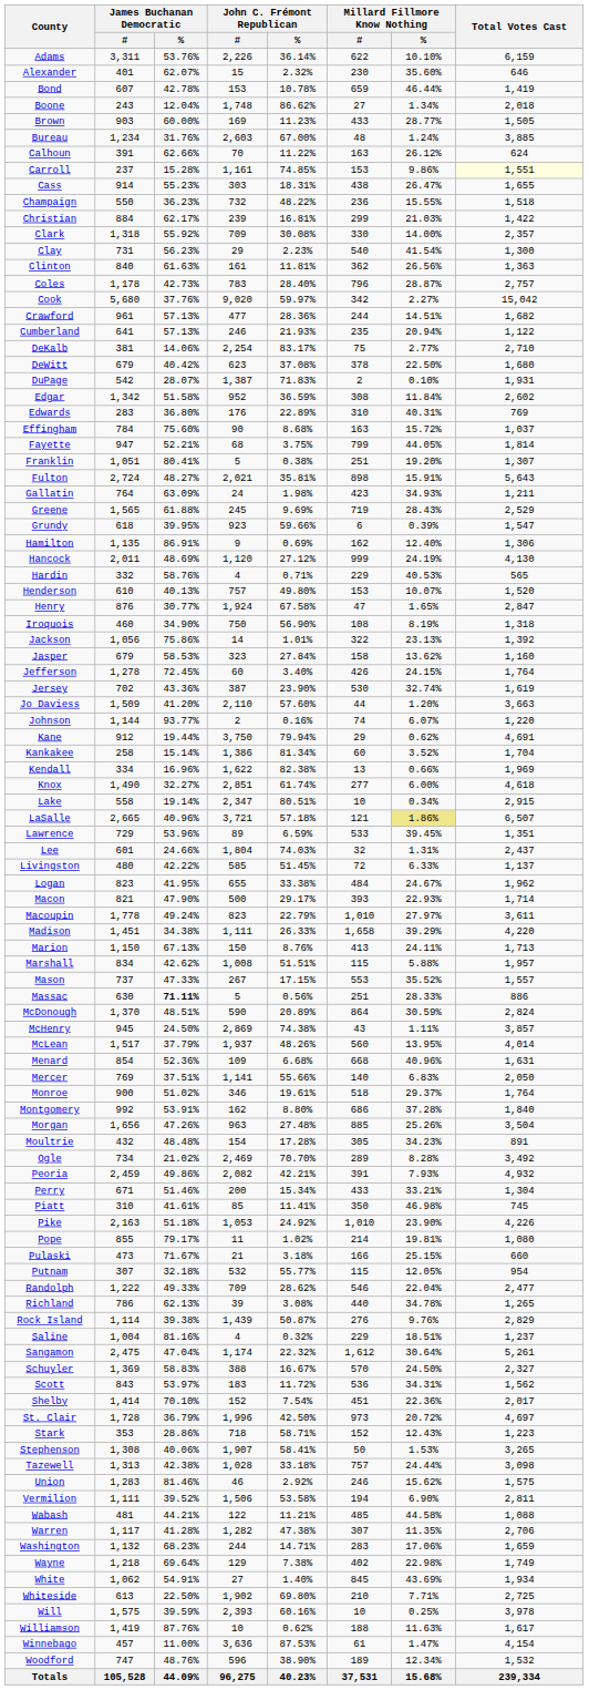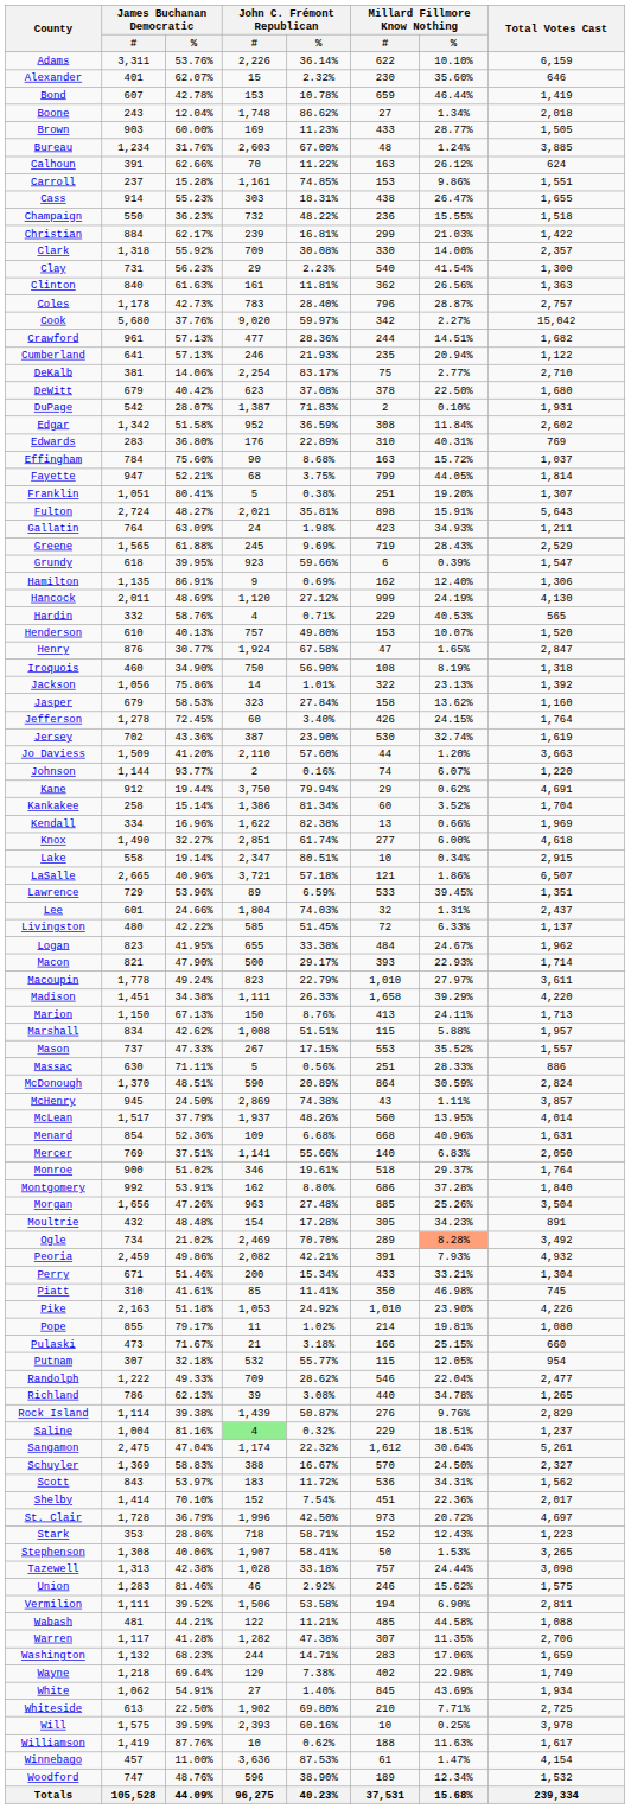 <table class="wikitable sortable" width="60%">
 <tr>
 <th rowspan="2">County</th>
 <th colspan="2">James Buchanan<br>Democratic</th>
 <th colspan="2">John C. Frémont<br>Republican</th>
 <th colspan="2">Millard Fillmore<br>Know Nothing</th>
 <th rowspan="2">Total Votes Cast</th>
 </tr>
 <tr>
 <th data-sort-type="number" style="text-align:center;">#</th>
 <th data-sort-type="number" style="text-align:center;">%</th>
 <th data-sort-type="number" style="text-align:center;">#</th>
 <th data-sort-type="number" style="text-align:center;">%</th>
 <th data-sort-type="number" style="text-align:center;">#</th>
 <th data-sort-type="number" style="text-align:center;">%</th>
 </tr>
 <tr style="text-align:center;">
 <td><a href='#'>Adams</a></td>
 <td>3,311</td>
 <td>53.76%</td>
 <td>2,226</td>
 <td>36.14%</td>
 <td>622</td>
 <td>10.10%</td>
 <td>6,159</td>
 </tr>
 <tr style="text-align:center;">
 <td><a href='#'>Alexander</a></td>
 <td>401</td>
 <td>62.07%</td>
 <td>15</td>
 <td>2.32%</td>
 <td>230</td>
 <td>35.60%</td>
 <td>646</td>
 </tr>
 <tr style="text-align:center;">
 <td><a href='#'>Bond</a></td>
 <td>607</td>
 <td>42.78%</td>
 <td>153</td>
 <td>10.78%</td>
 <td>659</td>
 <td>46.44%</td>
 <td>1,419</td>
 </tr>
 <tr style="text-align:center;">
 <td><a href='#'>Boone</a></td>
 <td>243</td>
 <td>12.04%</td>
 <td>1,748</td>
 <td>86.62%</td>
 <td>27</td>
 <td>1.34%</td>
 <td>2,018</td>
 </tr>
 <tr style="text-align:center;">
 <td><a href='#'>Brown</a></td>
 <td>903</td>
 <td>60.00%</td>
 <td>169</td>
 <td>11.23%</td>
 <td>433</td>
 <td>28.77%</td>
 <td>1,505</td>
 </tr>
 <tr style="text-align:center;">
 <td><a href='#'>Bureau</a></td>
 <td>1,234</td>
 <td>31.76%</td>
 <td>2,603</td>
 <td>67.00%</td>
 <td>48</td>
 <td>1.24%</td>
 <td>3,885</td>
 </tr>
 <tr style="text-align:center;">
 <td><a href='#'>Calhoun</a></td>
 <td>391</td>
 <td>62.66%</td>
 <td>70</td>
 <td>11.22%</td>
 <td>163</td>
 <td>26.12%</td>
 <td>624</td>
 </tr>
 <tr style="text-align:center;">
 <td><a href='#'>Carroll</a></td>
 <td>237</td>
 <td>15.28%</td>
 <td>1,161</td>
 <td>74.85%</td>
 <td>153</td>
 <td>9.86%</td>
-<td style="background: lightyellow;">1,551</td>
+<td>1,551</td>
 </tr>
 <tr style="text-align:center;">
 <td><a href='#'>Cass</a></td>
 <td>914</td>
 <td>55.23%</td>
 <td>303</td>
 <td>18.31%</td>
 <td>438</td>
 <td>26.47%</td>
 <td>1,655</td>
 </tr>
 <tr style="text-align:center;">
 <td><a href='#'>Champaign</a></td>
 <td>550</td>
 <td>36.23%</td>
 <td>732</td>
 <td>48.22%</td>
 <td>236</td>
 <td>15.55%</td>
 <td>1,518</td>
 </tr>
 <tr style="text-align:center;">
 <td><a href='#'>Christian</a></td>
 <td>884</td>
 <td>62.17%</td>
 <td>239</td>
 <td>16.81%</td>
 <td>299</td>
 <td>21.03%</td>
 <td>1,422</td>
 </tr>
 <tr style="text-align:center;">
 <td><a href='#'>Clark</a></td>
 <td>1,318</td>
 <td>55.92%</td>
 <td>709</td>
 <td>30.08%</td>
 <td>330</td>
 <td>14.00%</td>
 <td>2,357</td>
 </tr>
 <tr style="text-align:center;">
 <td><a href='#'>Clay</a></td>
 <td>731</td>
 <td>56.23%</td>
 <td>29</td>
 <td>2.23%</td>
 <td>540</td>
 <td>41.54%</td>
 <td>1,300</td>
 </tr>
 <tr style="text-align:center;">
 <td><a href='#'>Clinton</a></td>
 <td>840</td>
 <td>61.63%</td>
 <td>161</td>
 <td>11.81%</td>
 <td>362</td>
 <td>26.56%</td>
 <td>1,363</td>
 </tr>
 <tr style="text-align:center;">
 <td><a href='#'>Coles</a></td>
 <td>1,178</td>
 <td>42.73%</td>
 <td>783</td>
 <td>28.40%</td>
 <td>796</td>
 <td>28.87%</td>
 <td>2,757</td>
 </tr>
 <tr style="text-align:center;">
 <td><a href='#'>Cook</a></td>
 <td>5,680</td>
 <td>37.76%</td>
 <td>9,020</td>
 <td>59.97%</td>
 <td>342</td>
 <td>2.27%</td>
 <td>15,042</td>
 </tr>
 <tr style="text-align:center;">
 <td><a href='#'>Crawford</a></td>
 <td>961</td>
 <td>57.13%</td>
 <td>477</td>
 <td>28.36%</td>
 <td>244</td>
 <td>14.51%</td>
 <td>1,682</td>
 </tr>
 <tr style="text-align:center;">
 <td><a href='#'>Cumberland</a></td>
 <td>641</td>
 <td>57.13%</td>
 <td>246</td>
 <td>21.93%</td>
 <td>235</td>
 <td>20.94%</td>
 <td>1,122</td>
 </tr>
 <tr style="text-align:center;">
 <td><a href='#'>DeKalb</a></td>
 <td>381</td>
 <td>14.06%</td>
 <td>2,254</td>
 <td>83.17%</td>
 <td>75</td>
 <td>2.77%</td>
 <td>2,710</td>
 </tr>
 <tr style="text-align:center;">
 <td><a href='#'>DeWitt</a></td>
 <td>679</td>
 <td>40.42%</td>
 <td>623</td>
 <td>37.08%</td>
 <td>378</td>
 <td>22.50%</td>
 <td>1,680</td>
 </tr>
 <tr style="text-align:center;">
 <td><a href='#'>DuPage</a></td>
 <td>542</td>
 <td>28.07%</td>
 <td>1,387</td>
 <td>71.83%</td>
 <td>2</td>
 <td>0.10%</td>
 <td>1,931</td>
 </tr>
 <tr style="text-align:center;">
 <td><a href='#'>Edgar</a></td>
 <td>1,342</td>
 <td>51.58%</td>
 <td>952</td>
 <td>36.59%</td>
 <td>308</td>
 <td>11.84%</td>
 <td>2,602</td>
 </tr>
 <tr style="text-align:center;">
 <td><a href='#'>Edwards</a></td>
 <td>283</td>
 <td>36.80%</td>
 <td>176</td>
 <td>22.89%</td>
 <td>310</td>
 <td>40.31%</td>
 <td>769</td>
 </tr>
 <tr style="text-align:center;">
 <td><a href='#'>Effingham</a></td>
 <td>784</td>
 <td>75.60%</td>
 <td>90</td>
 <td>8.68%</td>
 <td>163</td>
 <td>15.72%</td>
 <td>1,037</td>
 </tr>
 <tr style="text-align:center;">
 <td><a href='#'>Fayette</a></td>
 <td>947</td>
 <td>52.21%</td>
 <td>68</td>
 <td>3.75%</td>
 <td>799</td>
 <td>44.05%</td>
 <td>1,814</td>
 </tr>
 <tr style="text-align:center;">
 <td><a href='#'>Franklin</a></td>
 <td>1,051</td>
 <td>80.41%</td>
 <td>5</td>
 <td>0.38%</td>
 <td>251</td>
 <td>19.20%</td>
 <td>1,307</td>
 </tr>
 <tr style="text-align:center;">
 <td><a href='#'>Fulton</a></td>
 <td>2,724</td>
 <td>48.27%</td>
 <td>2,021</td>
 <td>35.81%</td>
 <td>898</td>
 <td>15.91%</td>
 <td>5,643</td>
 </tr>
 <tr style="text-align:center;">
 <td><a href='#'>Gallatin</a></td>
 <td>764</td>
 <td>63.09%</td>
 <td>24</td>
 <td>1.98%</td>
 <td>423</td>
 <td>34.93%</td>
 <td>1,211</td>
 </tr>
 <tr style="text-align:center;">
 <td><a href='#'>Greene</a></td>
 <td>1,565</td>
 <td>61.88%</td>
 <td>245</td>
 <td>9.69%</td>
 <td>719</td>
 <td>28.43%</td>
 <td>2,529</td>
 </tr>
 <tr style="text-align:center;">
 <td><a href='#'>Grundy</a></td>
 <td>618</td>
 <td>39.95%</td>
 <td>923</td>
 <td>59.66%</td>
 <td>6</td>
 <td>0.39%</td>
 <td>1,547</td>
 </tr>
 <tr style="text-align:center;">
 <td><a href='#'>Hamilton</a></td>
 <td>1,135</td>
 <td>86.91%</td>
 <td>9</td>
 <td>0.69%</td>
 <td>162</td>
 <td>12.40%</td>
 <td>1,306</td>
 </tr>
 <tr style="text-align:center;">
 <td><a href='#'>Hancock</a></td>
 <td>2,011</td>
 <td>48.69%</td>
 <td>1,120</td>
 <td>27.12%</td>
 <td>999</td>
 <td>24.19%</td>
 <td>4,130</td>
 </tr>
 <tr style="text-align:center;">
 <td><a href='#'>Hardin</a></td>
 <td>332</td>
 <td>58.76%</td>
 <td>4</td>
 <td>0.71%</td>
 <td>229</td>
 <td>40.53%</td>
 <td>565</td>
 </tr>
 <tr style="text-align:center;">
 <td><a href='#'>Henderson</a></td>
 <td>610</td>
 <td>40.13%</td>
 <td>757</td>
 <td>49.80%</td>
 <td>153</td>
 <td>10.07%</td>
 <td>1,520</td>
 </tr>
 <tr style="text-align:center;">
 <td><a href='#'>Henry</a></td>
 <td>876</td>
 <td>30.77%</td>
 <td>1,924</td>
 <td>67.58%</td>
 <td>47</td>
 <td>1.65%</td>
 <td>2,847</td>
 </tr>
 <tr style="text-align:center;">
 <td><a href='#'>Iroquois</a></td>
 <td>460</td>
 <td>34.90%</td>
 <td>750</td>
 <td>56.90%</td>
 <td>108</td>
 <td>8.19%</td>
 <td>1,318</td>
 </tr>
 <tr style="text-align:center;">
 <td><a href='#'>Jackson</a></td>
 <td>1,056</td>
 <td>75.86%</td>
 <td>14</td>
 <td>1.01%</td>
 <td>322</td>
 <td>23.13%</td>
 <td>1,392</td>
 </tr>
 <tr style="text-align:center;">
 <td><a href='#'>Jasper</a></td>
 <td>679</td>
 <td>58.53%</td>
 <td>323</td>
 <td>27.84%</td>
 <td>158</td>
 <td>13.62%</td>
 <td>1,160</td>
 </tr>
 <tr style="text-align:center;">
 <td><a href='#'>Jefferson</a></td>
 <td>1,278</td>
 <td>72.45%</td>
 <td>60</td>
 <td>3.40%</td>
 <td>426</td>
 <td>24.15%</td>
 <td>1,764</td>
 </tr>
 <tr style="text-align:center;">
 <td><a href='#'>Jersey</a></td>
 <td>702</td>
 <td>43.36%</td>
 <td>387</td>
 <td>23.90%</td>
 <td>530</td>
 <td>32.74%</td>
 <td>1,619</td>
 </tr>
 <tr style="text-align:center;">
 <td><a href='#'>Jo Daviess</a></td>
 <td>1,509</td>
 <td>41.20%</td>
 <td>2,110</td>
 <td>57.60%</td>
 <td>44</td>
 <td>1.20%</td>
 <td>3,663</td>
 </tr>
 <tr style="text-align:center;">
 <td><a href='#'>Johnson</a></td>
 <td>1,144</td>
 <td>93.77%</td>
 <td>2</td>
 <td>0.16%</td>
 <td>74</td>
 <td>6.07%</td>
 <td>1,220</td>
 </tr>
 <tr style="text-align:center;">
 <td><a href='#'>Kane</a></td>
 <td>912</td>
 <td>19.44%</td>
 <td>3,750</td>
 <td>79.94%</td>
 <td>29</td>
 <td>0.62%</td>
 <td>4,691</td>
 </tr>
 <tr style="text-align:center;">
 <td><a href='#'>Kankakee</a></td>
 <td>258</td>
 <td>15.14%</td>
 <td>1,386</td>
 <td>81.34%</td>
 <td>60</td>
 <td>3.52%</td>
 <td>1,704</td>
 </tr>
 <tr style="text-align:center;">
 <td><a href='#'>Kendall</a></td>
 <td>334</td>
 <td>16.96%</td>
 <td>1,622</td>
 <td>82.38%</td>
 <td>13</td>
 <td>0.66%</td>
 <td>1,969</td>
 </tr>
 <tr style="text-align:center;">
 <td><a href='#'>Knox</a></td>
 <td>1,490</td>
 <td>32.27%</td>
 <td>2,851</td>
 <td>61.74%</td>
 <td>277</td>
 <td>6.00%</td>
 <td>4,618</td>
 </tr>
 <tr style="text-align:center;">
 <td><a href='#'>Lake</a></td>
 <td>558</td>
 <td>19.14%</td>
 <td>2,347</td>
 <td>80.51%</td>
 <td>10</td>
 <td>0.34%</td>
 <td>2,915</td>
 </tr>
 <tr style="text-align:center;">
 <td><a href='#'>LaSalle</a></td>
 <td>2,665</td>
 <td>40.96%</td>
 <td>3,721</td>
 <td>57.18%</td>
 <td>121</td>
-<td style="background: khaki;">1.86%</td>
+<td>1.86%</td>
 <td>6,507</td>
 </tr>
 <tr style="text-align:center;">
 <td><a href='#'>Lawrence</a></td>
 <td>729</td>
 <td>53.96%</td>
 <td>89</td>
 <td>6.59%</td>
 <td>533</td>
 <td>39.45%</td>
 <td>1,351</td>
 </tr>
 <tr style="text-align:center;">
 <td><a href='#'>Lee</a></td>
 <td>601</td>
 <td>24.66%</td>
 <td>1,804</td>
 <td>74.03%</td>
 <td>32</td>
 <td>1.31%</td>
 <td>2,437</td>
 </tr>
 <tr style="text-align:center;">
 <td><a href='#'>Livingston</a></td>
 <td>480</td>
 <td>42.22%</td>
 <td>585</td>
 <td>51.45%</td>
 <td>72</td>
 <td>6.33%</td>
 <td>1,137</td>
 </tr>
 <tr style="text-align:center;">
 <td><a href='#'>Logan</a></td>
 <td>823</td>
 <td>41.95%</td>
 <td>655</td>
 <td>33.38%</td>
 <td>484</td>
 <td>24.67%</td>
 <td>1,962</td>
 </tr>
 <tr style="text-align:center;">
 <td><a href='#'>Macon</a></td>
 <td>821</td>
 <td>47.90%</td>
 <td>500</td>
 <td>29.17%</td>
 <td>393</td>
 <td>22.93%</td>
 <td>1,714</td>
 </tr>
 <tr style="text-align:center;">
 <td><a href='#'>Macoupin</a></td>
 <td>1,778</td>
 <td>49.24%</td>
 <td>823</td>
 <td>22.79%</td>
 <td>1,010</td>
 <td>27.97%</td>
 <td>3,611</td>
 </tr>
 <tr style="text-align:center;">
 <td><a href='#'>Madison</a></td>
 <td>1,451</td>
 <td>34.38%</td>
 <td>1,111</td>
 <td>26.33%</td>
 <td>1,658</td>
 <td>39.29%</td>
 <td>4,220</td>
 </tr>
 <tr style="text-align:center;">
 <td><a href='#'>Marion</a></td>
 <td>1,150</td>
 <td>67.13%</td>
 <td>150</td>
 <td>8.76%</td>
 <td>413</td>
 <td>24.11%</td>
 <td>1,713</td>
 </tr>
 <tr style="text-align:center;">
 <td><a href='#'>Marshall</a></td>
 <td>834</td>
 <td>42.62%</td>
 <td>1,008</td>
 <td>51.51%</td>
 <td>115</td>
 <td>5.88%</td>
 <td>1,957</td>
 </tr>
 <tr style="text-align:center;">
 <td><a href='#'>Mason</a></td>
 <td>737</td>
 <td>47.33%</td>
 <td>267</td>
 <td>17.15%</td>
 <td>553</td>
 <td>35.52%</td>
 <td>1,557</td>
 </tr>
 <tr style="text-align:center;">
 <td><a href='#'>Massac</a></td>
 <td>630</td>
-<td><strong>71.11%</strong></td>
+<td>71.11%</td>
 <td>5</td>
 <td>0.56%</td>
 <td>251</td>
 <td>28.33%</td>
 <td>886</td>
 </tr>
 <tr style="text-align:center;">
 <td><a href='#'>McDonough</a></td>
 <td>1,370</td>
 <td>48.51%</td>
 <td>590</td>
 <td>20.89%</td>
 <td>864</td>
 <td>30.59%</td>
 <td>2,824</td>
 </tr>
 <tr style="text-align:center;">
 <td><a href='#'>McHenry</a></td>
 <td>945</td>
 <td>24.50%</td>
 <td>2,869</td>
 <td>74.38%</td>
 <td>43</td>
 <td>1.11%</td>
 <td>3,857</td>
 </tr>
 <tr style="text-align:center;">
 <td><a href='#'>McLean</a></td>
 <td>1,517</td>
 <td>37.79%</td>
 <td>1,937</td>
 <td>48.26%</td>
 <td>560</td>
 <td>13.95%</td>
 <td>4,014</td>
 </tr>
 <tr style="text-align:center;">
 <td><a href='#'>Menard</a></td>
 <td>854</td>
 <td>52.36%</td>
 <td>109</td>
 <td>6.68%</td>
 <td>668</td>
 <td>40.96%</td>
 <td>1,631</td>
 </tr>
 <tr style="text-align:center;">
 <td><a href='#'>Mercer</a></td>
 <td>769</td>
 <td>37.51%</td>
 <td>1,141</td>
 <td>55.66%</td>
 <td>140</td>
 <td>6.83%</td>
 <td>2,050</td>
 </tr>
 <tr style="text-align:center;">
 <td><a href='#'>Monroe</a></td>
 <td>900</td>
 <td>51.02%</td>
 <td>346</td>
 <td>19.61%</td>
 <td>518</td>
 <td>29.37%</td>
 <td>1,764</td>
 </tr>
 <tr style="text-align:center;">
 <td><a href='#'>Montgomery</a></td>
 <td>992</td>
 <td>53.91%</td>
 <td>162</td>
 <td>8.80%</td>
 <td>686</td>
 <td>37.28%</td>
 <td>1,840</td>
 </tr>
 <tr style="text-align:center;">
 <td><a href='#'>Morgan</a></td>
 <td>1,656</td>
 <td>47.26%</td>
 <td>963</td>
 <td>27.48%</td>
 <td>885</td>
 <td>25.26%</td>
 <td>3,504</td>
 </tr>
 <tr style="text-align:center;">
 <td><a href='#'>Moultrie</a></td>
 <td>432</td>
 <td>48.48%</td>
 <td>154</td>
 <td>17.28%</td>
 <td>305</td>
 <td>34.23%</td>
 <td>891</td>
 </tr>
 <tr style="text-align:center;">
 <td><a href='#'>Ogle</a></td>
 <td>734</td>
 <td>21.02%</td>
 <td>2,469</td>
 <td>70.70%</td>
 <td>289</td>
-<td>8.28%</td>
+<td style="background: lightsalmon;">8.28%</td>
 <td>3,492</td>
 </tr>
 <tr style="text-align:center;">
 <td><a href='#'>Peoria</a></td>
 <td>2,459</td>
 <td>49.86%</td>
 <td>2,082</td>
 <td>42.21%</td>
 <td>391</td>
 <td>7.93%</td>
 <td>4,932</td>
 </tr>
 <tr style="text-align:center;">
 <td><a href='#'>Perry</a></td>
 <td>671</td>
 <td>51.46%</td>
 <td>200</td>
 <td>15.34%</td>
 <td>433</td>
 <td>33.21%</td>
 <td>1,304</td>
 </tr>
 <tr style="text-align:center;">
 <td><a href='#'>Piatt</a></td>
 <td>310</td>
 <td>41.61%</td>
 <td>85</td>
 <td>11.41%</td>
 <td>350</td>
 <td>46.98%</td>
 <td>745</td>
 </tr>
 <tr style="text-align:center;">
 <td><a href='#'>Pike</a></td>
 <td>2,163</td>
 <td>51.18%</td>
 <td>1,053</td>
 <td>24.92%</td>
 <td>1,010</td>
 <td>23.90%</td>
 <td>4,226</td>
 </tr>
 <tr style="text-align:center;">
 <td><a href='#'>Pope</a></td>
 <td>855</td>
 <td>79.17%</td>
 <td>11</td>
 <td>1.02%</td>
 <td>214</td>
 <td>19.81%</td>
 <td>1,080</td>
 </tr>
 <tr style="text-align:center;">
 <td><a href='#'>Pulaski</a></td>
 <td>473</td>
 <td>71.67%</td>
 <td>21</td>
 <td>3.18%</td>
 <td>166</td>
 <td>25.15%</td>
 <td>660</td>
 </tr>
 <tr style="text-align:center;">
 <td><a href='#'>Putnam</a></td>
 <td>307</td>
 <td>32.18%</td>
 <td>532</td>
 <td>55.77%</td>
 <td>115</td>
 <td>12.05%</td>
 <td>954</td>
 </tr>
 <tr style="text-align:center;">
 <td><a href='#'>Randolph</a></td>
 <td>1,222</td>
 <td>49.33%</td>
 <td>709</td>
 <td>28.62%</td>
 <td>546</td>
 <td>22.04%</td>
 <td>2,477</td>
 </tr>
 <tr style="text-align:center;">
 <td><a href='#'>Richland</a></td>
 <td>786</td>
 <td>62.13%</td>
 <td>39</td>
 <td>3.08%</td>
 <td>440</td>
 <td>34.78%</td>
 <td>1,265</td>
 </tr>
 <tr style="text-align:center;">
 <td><a href='#'>Rock Island</a></td>
 <td>1,114</td>
 <td>39.38%</td>
 <td>1,439</td>
 <td>50.87%</td>
 <td>276</td>
 <td>9.76%</td>
 <td>2,829</td>
 </tr>
 <tr style="text-align:center;">
 <td><a href='#'>Saline</a></td>
 <td>1,004</td>
 <td>81.16%</td>
-<td>4</td>
+<td style="background: lightgreen;">4</td>
 <td>0.32%</td>
 <td>229</td>
 <td>18.51%</td>
 <td>1,237</td>
 </tr>
 <tr style="text-align:center;">
 <td><a href='#'>Sangamon</a></td>
 <td>2,475</td>
 <td>47.04%</td>
 <td>1,174</td>
 <td>22.32%</td>
 <td>1,612</td>
 <td>30.64%</td>
 <td>5,261</td>
 </tr>
 <tr style="text-align:center;">
 <td><a href='#'>Schuyler</a></td>
 <td>1,369</td>
 <td>58.83%</td>
 <td>388</td>
 <td>16.67%</td>
 <td>570</td>
 <td>24.50%</td>
 <td>2,327</td>
 </tr>
 <tr style="text-align:center;">
 <td><a href='#'>Scott</a></td>
 <td>843</td>
 <td>53.97%</td>
 <td>183</td>
 <td>11.72%</td>
 <td>536</td>
 <td>34.31%</td>
 <td>1,562</td>
 </tr>
 <tr style="text-align:center;">
 <td><a href='#'>Shelby</a></td>
 <td>1,414</td>
 <td>70.10%</td>
 <td>152</td>
 <td>7.54%</td>
 <td>451</td>
 <td>22.36%</td>
 <td>2,017</td>
 </tr>
 <tr style="text-align:center;">
 <td><a href='#'>St. Clair</a></td>
 <td>1,728</td>
 <td>36.79%</td>
 <td>1,996</td>
 <td>42.50%</td>
 <td>973</td>
 <td>20.72%</td>
 <td>4,697</td>
 </tr>
 <tr style="text-align:center;">
 <td><a href='#'>Stark</a></td>
 <td>353</td>
 <td>28.86%</td>
 <td>718</td>
 <td>58.71%</td>
 <td>152</td>
 <td>12.43%</td>
 <td>1,223</td>
 </tr>
 <tr style="text-align:center;">
 <td><a href='#'>Stephenson</a></td>
 <td>1,308</td>
 <td>40.06%</td>
 <td>1,907</td>
 <td>58.41%</td>
 <td>50</td>
 <td>1.53%</td>
 <td>3,265</td>
 </tr>
 <tr style="text-align:center;">
 <td><a href='#'>Tazewell</a></td>
 <td>1,313</td>
 <td>42.38%</td>
 <td>1,028</td>
 <td>33.18%</td>
 <td>757</td>
 <td>24.44%</td>
 <td>3,098</td>
 </tr>
 <tr style="text-align:center;">
 <td><a href='#'>Union</a></td>
 <td>1,283</td>
 <td>81.46%</td>
 <td>46</td>
 <td>2.92%</td>
 <td>246</td>
 <td>15.62%</td>
 <td>1,575</td>
 </tr>
 <tr style="text-align:center;">
 <td><a href='#'>Vermilion</a></td>
 <td>1,111</td>
 <td>39.52%</td>
 <td>1,506</td>
 <td>53.58%</td>
 <td>194</td>
 <td>6.90%</td>
 <td>2,811</td>
 </tr>
 <tr style="text-align:center;">
 <td><a href='#'>Wabash</a></td>
 <td>481</td>
 <td>44.21%</td>
 <td>122</td>
 <td>11.21%</td>
 <td>485</td>
 <td>44.58%</td>
 <td>1,088</td>
 </tr>
 <tr style="text-align:center;">
 <td><a href='#'>Warren</a></td>
 <td>1,117</td>
 <td>41.28%</td>
 <td>1,282</td>
 <td>47.38%</td>
 <td>307</td>
 <td>11.35%</td>
 <td>2,706</td>
 </tr>
 <tr style="text-align:center;">
 <td><a href='#'>Washington</a></td>
 <td>1,132</td>
 <td>68.23%</td>
 <td>244</td>
 <td>14.71%</td>
 <td>283</td>
 <td>17.06%</td>
 <td>1,659</td>
 </tr>
 <tr style="text-align:center;">
 <td><a href='#'>Wayne</a></td>
 <td>1,218</td>
 <td>69.64%</td>
 <td>129</td>
 <td>7.38%</td>
 <td>402</td>
 <td>22.98%</td>
 <td>1,749</td>
 </tr>
 <tr style="text-align:center;">
 <td><a href='#'>White</a></td>
 <td>1,062</td>
 <td>54.91%</td>
 <td>27</td>
 <td>1.40%</td>
 <td>845</td>
 <td>43.69%</td>
 <td>1,934</td>
 </tr>
 <tr style="text-align:center;">
 <td><a href='#'>Whiteside</a></td>
 <td>613</td>
 <td>22.50%</td>
 <td>1,902</td>
 <td>69.80%</td>
 <td>210</td>
 <td>7.71%</td>
 <td>2,725</td>
 </tr>
 <tr style="text-align:center;">
 <td><a href='#'>Will</a></td>
 <td>1,575</td>
 <td>39.59%</td>
 <td>2,393</td>
 <td>60.16%</td>
 <td>10</td>
 <td>0.25%</td>
 <td>3,978</td>
 </tr>
 <tr style="text-align:center;">
 <td><a href='#'>Williamson</a></td>
 <td>1,419</td>
 <td>87.76%</td>
 <td>10</td>
 <td>0.62%</td>
 <td>188</td>
 <td>11.63%</td>
 <td>1,617</td>
 </tr>
 <tr style="text-align:center;">
 <td><a href='#'>Winnebago</a></td>
 <td>457</td>
 <td>11.00%</td>
 <td>3,636</td>
 <td>87.53%</td>
 <td>61</td>
 <td>1.47%</td>
 <td>4,154</td>
 </tr>
 <tr style="text-align:center;">
 <td><a href='#'>Woodford</a></td>
 <td>747</td>
 <td>48.76%</td>
 <td>596</td>
 <td>38.90%</td>
 <td>189</td>
 <td>12.34%</td>
 <td>1,532</td>
 </tr>
 <tr style="text-align:center;">
 <th>Totals</th>
 <th>105,528</th>
 <th>44.09%</th>
 <th>96,275</th>
 <th>40.23%</th>
 <th>37,531</th>
 <th>15.68%</th>
 <th>239,334</th>
 </tr>
 </table>
